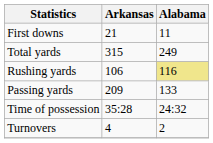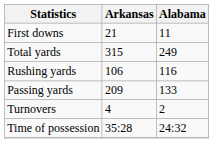 <table class="wikitable" style="float: left;">
 <tr>
 <th>Statistics</th>
 <th>Arkansas</th>
 <th>Alabama</th>
 </tr>
 <tr>
 <td>First downs</td>
 <td>21</td>
 <td>11</td>
 </tr>
 <tr>
 <td>Total yards</td>
 <td>315</td>
 <td>249</td>
 </tr>
 <tr>
 <td>Rushing yards</td>
 <td>106</td>
-<td style="background: khaki;">116</td>
+<td>116</td>
 </tr>
 <tr>
 <td>Passing yards</td>
 <td>209</td>
 <td>133</td>
 </tr>
 <tr>
+<td>Turnovers</td>
+<td>4</td>
+<td>2</td>
+</tr>
+<tr>
 <td>Time of possession</td>
 <td>35:28</td>
 <td>24:32</td>
 </tr>
 <tr>
-<td>Turnovers</td>
-<td>4</td>
-<td>2</td>
-</tr>
-<tr>
 </tr>
 </table>
